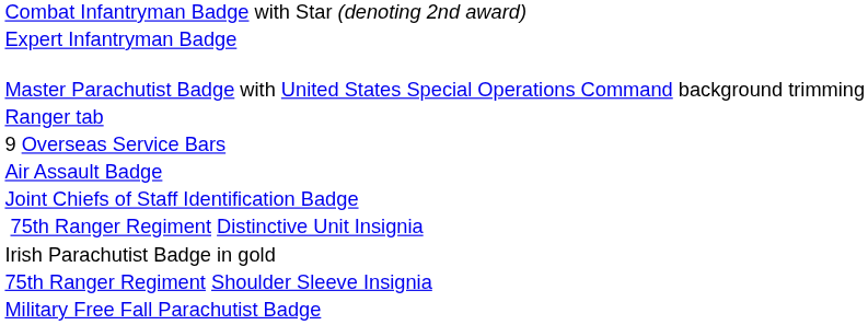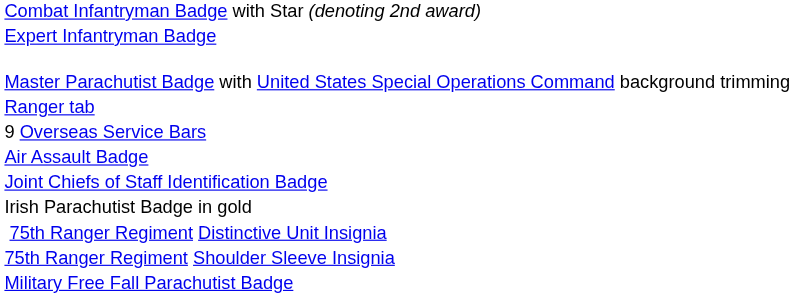 <table>
 <tr>
 <td> <a href='#'>Combat Infantryman Badge</a> with Star <em>(denoting 2nd award)</em></td>
 </tr>
 <tr>
 <td> <a href='#'>Expert Infantryman Badge</a><br><br></td>
 </tr>
 <tr>
 <td><span></span> <a href='#'>Master Parachutist Badge</a> with <a href='#'>United States Special Operations Command</a> background trimming</td>
 </tr>
 <tr>
 <td> <a href='#'>Ranger tab</a></td>
 </tr>
 <tr>
 <td> 9 <a href='#'>Overseas Service Bars</a></td>
 </tr>
 <tr>
 <td> <a href='#'>Air Assault Badge</a></td>
 </tr>
 <tr>
 <td> <a href='#'>Joint Chiefs of Staff Identification Badge</a></td>
 </tr>
 <tr>
-<td> <a href='#'>75th Ranger Regiment</a> <a href='#'>Distinctive Unit Insignia</a></td>
+<td> Irish Parachutist Badge in gold</td>
 </tr>
 <tr>
-<td> Irish Parachutist Badge in gold</td>
+<td> <a href='#'>75th Ranger Regiment</a> <a href='#'>Distinctive Unit Insignia</a></td>
 </tr>
 <tr>
 <td> <a href='#'>75th Ranger Regiment</a> <a href='#'>Shoulder Sleeve Insignia</a></td>
 </tr>
 <tr>
 <td> <a href='#'>Military Free Fall Parachutist Badge</a></td>
 </tr>
 </table>
